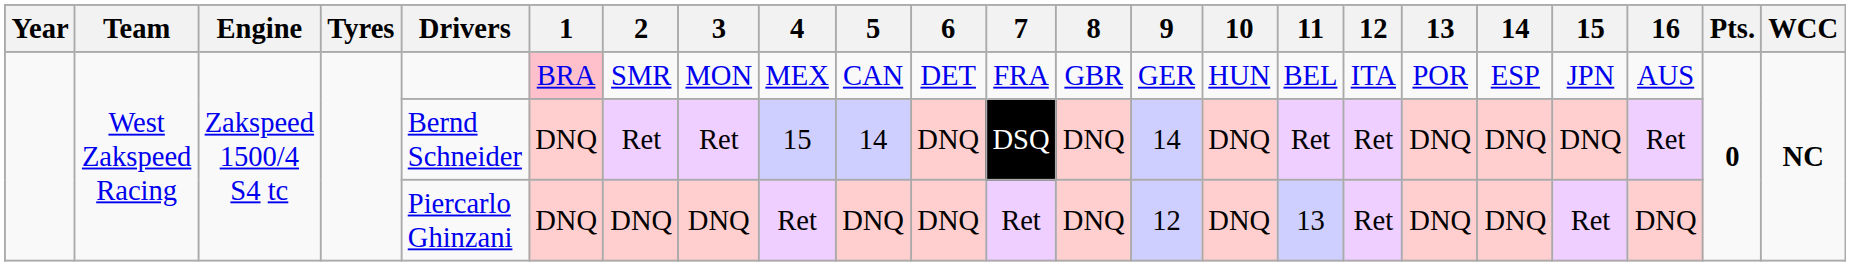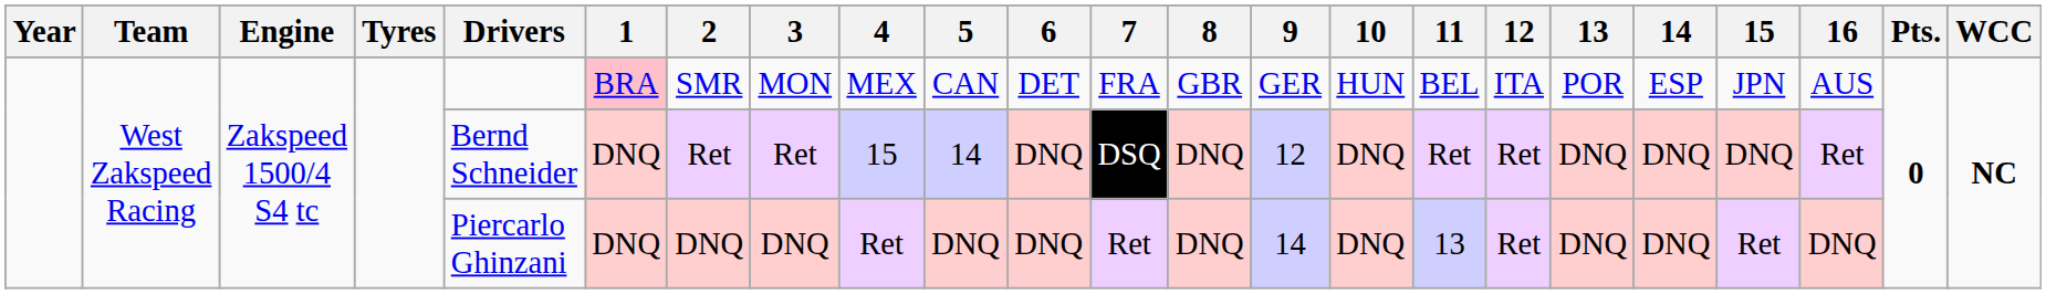 <table class="wikitable" style="text-align:center; font-size:95%">
 <tr>
 <th>Year</th>
 <th>Team</th>
 <th>Engine</th>
 <th>Tyres</th>
 <th>Drivers</th>
 <th>1</th>
 <th>2</th>
 <th>3</th>
 <th>4</th>
 <th>5</th>
 <th>6</th>
 <th>7</th>
 <th>8</th>
 <th>9</th>
 <th>10</th>
 <th>11</th>
 <th>12</th>
 <th>13</th>
 <th>14</th>
 <th>15</th>
 <th>16</th>
 <th>Pts.</th>
 <th>WCC</th>
 </tr>
 <tr>
 <td rowspan="3"></td>
 <td rowspan="3"><a href='#'>West</a> <a href='#'>Zakspeed Racing</a></td>
 <td rowspan="3"><a href='#'>Zakspeed 1500/4</a><br><a href='#'>S4</a> <a href='#'>tc</a></td>
 <td rowspan="3"></td>
 <td></td>
 <td style="background: pink;"><a href='#'>BRA</a></td>
 <td><a href='#'>SMR</a></td>
 <td><a href='#'>MON</a></td>
 <td><a href='#'>MEX</a></td>
 <td><a href='#'>CAN</a></td>
 <td><a href='#'>DET</a></td>
 <td><a href='#'>FRA</a></td>
 <td><a href='#'>GBR</a></td>
 <td><a href='#'>GER</a></td>
 <td><a href='#'>HUN</a></td>
 <td><a href='#'>BEL</a></td>
 <td><a href='#'>ITA</a></td>
 <td><a href='#'>POR</a></td>
 <td><a href='#'>ESP</a></td>
 <td><a href='#'>JPN</a></td>
 <td><a href='#'>AUS</a></td>
 <td rowspan="3"><strong>0</strong></td>
 <td rowspan="3"><strong>NC</strong></td>
 </tr>
 <tr>
 <td align="left"><a href='#'>Bernd Schneider</a></td>
 <td style="background:#ffcfcf;">DNQ</td>
 <td style="background:#efcfff;">Ret</td>
 <td style="background:#efcfff;">Ret</td>
 <td style="background:#cfcfff;">15</td>
 <td style="background:#cfcfff;">14</td>
 <td style="background:#ffcfcf;">DNQ</td>
 <td style="background:#000; color:white;">DSQ</td>
 <td style="background:#ffcfcf;">DNQ</td>
-<td style="background:#cfcfff;">14</td>
+<td style="background:#cfcfff;">12</td>
 <td style="background:#ffcfcf;">DNQ</td>
 <td style="background:#efcfff;">Ret</td>
 <td style="background:#efcfff;">Ret</td>
 <td style="background:#ffcfcf;">DNQ</td>
 <td style="background:#ffcfcf;">DNQ</td>
 <td style="background:#ffcfcf;">DNQ</td>
 <td style="background:#efcfff;">Ret</td>
 </tr>
 <tr>
 <td align="left"><a href='#'>Piercarlo Ghinzani</a></td>
 <td style="background:#ffcfcf;">DNQ</td>
 <td style="background:#ffcfcf;">DNQ</td>
 <td style="background:#ffcfcf;">DNQ</td>
 <td style="background:#efcfff;">Ret</td>
 <td style="background:#ffcfcf;">DNQ</td>
 <td style="background:#ffcfcf;">DNQ</td>
 <td style="background:#efcfff;">Ret</td>
 <td style="background:#ffcfcf;">DNQ</td>
-<td style="background:#cfcfff;">12</td>
+<td style="background:#cfcfff;">14</td>
 <td style="background:#ffcfcf;">DNQ</td>
 <td style="background:#cfcfff;">13</td>
 <td style="background:#efcfff;">Ret</td>
 <td style="background:#ffcfcf;">DNQ</td>
 <td style="background:#ffcfcf;">DNQ</td>
 <td style="background:#efcfff;">Ret</td>
 <td style="background:#ffcfcf;">DNQ</td>
 </tr>
 </table>
